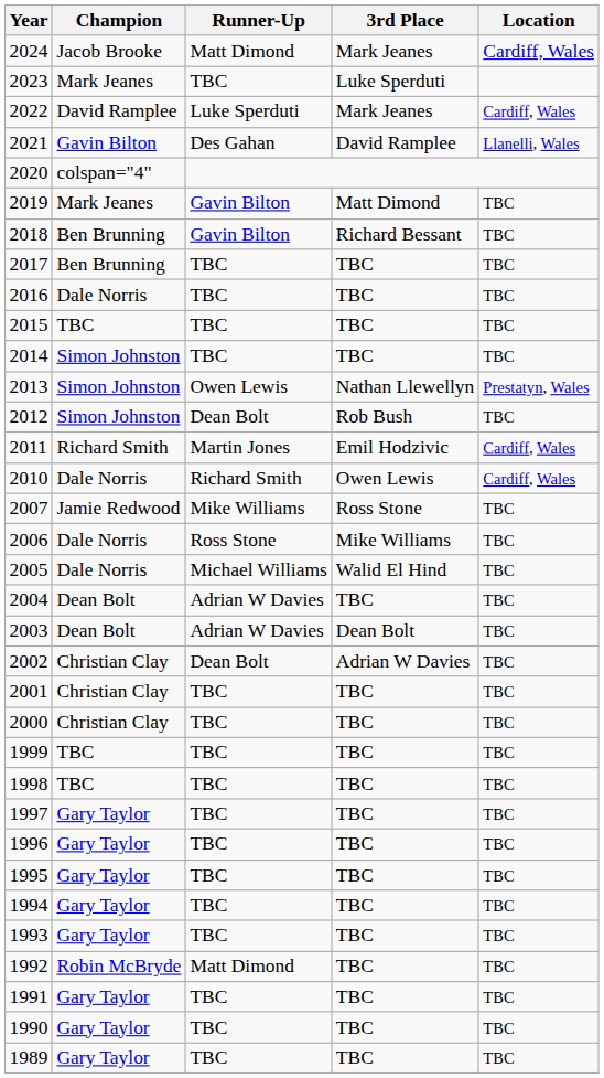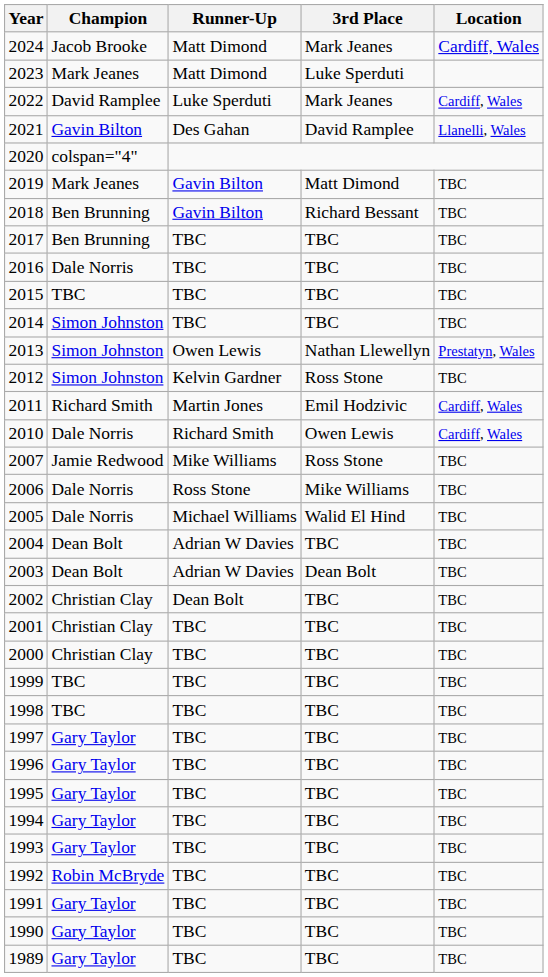 <table class="wikitable">
 <tr>
 <th>Year</th>
 <th>Champion</th>
 <th>Runner-Up</th>
 <th>3rd Place</th>
 <th>Location</th>
 </tr>
 <tr>
 <td>2024</td>
 <td> Jacob Brooke</td>
 <td> Matt Dimond</td>
 <td> Mark Jeanes</td>
 <td> <a href='#'>Cardiff, Wales</a></td>
 </tr>
 <tr>
 <td>2023</td>
 <td> Mark Jeanes</td>
-<td> TBC</td>
+<td> Matt Dimond</td>
 <td> Luke Sperduti</td>
 <td></td>
 </tr>
 <tr>
 <td>2022</td>
 <td> David Ramplee</td>
 <td> Luke Sperduti</td>
 <td> Mark Jeanes</td>
 <td> <small><a href='#'>Cardiff</a>, <a href='#'>Wales</a></small></td>
 </tr>
 <tr>
 <td>2021</td>
 <td> <a href='#'>Gavin Bilton</a></td>
 <td> Des Gahan</td>
 <td> David Ramplee</td>
 <td> <small><a href='#'>Llanelli</a>, <a href='#'>Wales</a></small></td>
 </tr>
 <tr>
 <td>2020</td>
 <td>colspan="4" </td>
 </tr>
 <tr>
 <td>2019</td>
 <td> Mark Jeanes</td>
 <td> <a href='#'>Gavin Bilton</a></td>
 <td> Matt Dimond</td>
 <td> <small>TBC</small></td>
 </tr>
 <tr>
 <td>2018</td>
 <td> Ben Brunning</td>
 <td> <a href='#'>Gavin Bilton</a></td>
 <td> Richard Bessant</td>
 <td> <small>TBC</small></td>
 </tr>
 <tr>
 <td>2017</td>
 <td> Ben Brunning</td>
 <td> TBC</td>
 <td> TBC</td>
 <td> <small>TBC</small></td>
 </tr>
 <tr>
 <td>2016</td>
 <td> Dale Norris</td>
 <td> TBC</td>
 <td> TBC</td>
 <td> <small>TBC</small></td>
 </tr>
 <tr>
 <td>2015</td>
 <td> TBC</td>
 <td> TBC</td>
 <td> TBC</td>
 <td> <small>TBC</small></td>
 </tr>
 <tr>
 <td>2014</td>
 <td> <a href='#'>Simon Johnston</a></td>
 <td> TBC</td>
 <td> TBC</td>
 <td> <small>TBC</small></td>
 </tr>
 <tr>
 <td>2013</td>
 <td> <a href='#'>Simon Johnston</a></td>
 <td> Owen Lewis</td>
 <td> Nathan Llewellyn</td>
 <td> <small><a href='#'>Prestatyn</a>, <a href='#'>Wales</a></small></td>
 </tr>
 <tr>
 <td>2012</td>
 <td> <a href='#'>Simon Johnston</a></td>
-<td> Dean Bolt</td>
-<td> Rob Bush</td>
+<td> Kelvin Gardner</td>
+<td> Ross Stone</td>
 <td> <small>TBC</small></td>
 </tr>
 <tr>
 <td>2011</td>
 <td> Richard Smith</td>
 <td> Martin Jones</td>
 <td> Emil Hodzivic</td>
 <td> <small><a href='#'>Cardiff</a>, <a href='#'>Wales</a></small></td>
 </tr>
 <tr>
 <td>2010</td>
 <td> Dale Norris</td>
 <td> Richard Smith</td>
 <td> Owen Lewis</td>
 <td> <small><a href='#'>Cardiff</a>, <a href='#'>Wales</a></small></td>
 </tr>
 <tr>
 <td>2007</td>
 <td> Jamie Redwood</td>
 <td> Mike Williams</td>
 <td> Ross Stone</td>
 <td> <small>TBC</small></td>
 </tr>
 <tr>
 <td>2006</td>
 <td> Dale Norris</td>
 <td> Ross Stone</td>
 <td> Mike Williams</td>
 <td> <small>TBC</small></td>
 </tr>
 <tr>
 <td>2005</td>
 <td> Dale Norris</td>
 <td> Michael Williams</td>
 <td> Walid El Hind</td>
 <td> <small>TBC</small></td>
 </tr>
 <tr>
 <td>2004</td>
 <td> Dean Bolt</td>
 <td> Adrian W Davies</td>
 <td> TBC</td>
 <td> <small>TBC</small></td>
 </tr>
 <tr>
 <td>2003</td>
 <td> Dean Bolt</td>
 <td> Adrian W Davies</td>
 <td> Dean Bolt</td>
 <td> <small>TBC</small></td>
 </tr>
 <tr>
 <td>2002</td>
 <td> Christian Clay</td>
 <td> Dean Bolt</td>
-<td> Adrian W Davies</td>
+<td> TBC</td>
 <td> <small>TBC</small></td>
 </tr>
 <tr>
 <td>2001</td>
 <td> Christian Clay</td>
 <td> TBC</td>
 <td> TBC</td>
 <td> <small>TBC</small></td>
 </tr>
 <tr>
 <td>2000</td>
 <td> Christian Clay</td>
 <td> TBC</td>
 <td> TBC</td>
 <td> <small>TBC</small></td>
 </tr>
 <tr>
 <td>1999</td>
 <td> TBC</td>
 <td> TBC</td>
 <td> TBC</td>
 <td> <small>TBC</small></td>
 </tr>
 <tr>
 <td>1998</td>
 <td> TBC</td>
 <td> TBC</td>
 <td> TBC</td>
 <td> <small>TBC</small></td>
 </tr>
 <tr>
 <td>1997</td>
 <td> <a href='#'>Gary Taylor</a></td>
 <td> TBC</td>
 <td> TBC</td>
 <td> <small>TBC</small></td>
 </tr>
 <tr>
 <td>1996</td>
 <td> <a href='#'>Gary Taylor</a></td>
 <td> TBC</td>
 <td> TBC</td>
 <td> <small>TBC</small></td>
 </tr>
 <tr>
 <td>1995</td>
 <td> <a href='#'>Gary Taylor</a></td>
 <td> TBC</td>
 <td> TBC</td>
 <td> <small>TBC</small></td>
 </tr>
 <tr>
 <td>1994</td>
 <td> <a href='#'>Gary Taylor</a></td>
 <td> TBC</td>
 <td> TBC</td>
 <td> <small>TBC</small></td>
 </tr>
 <tr>
 <td>1993</td>
 <td> <a href='#'>Gary Taylor</a></td>
 <td> TBC</td>
 <td> TBC</td>
 <td> <small>TBC</small></td>
 </tr>
 <tr>
 <td>1992</td>
 <td> <a href='#'>Robin McBryde</a></td>
-<td> Matt Dimond</td>
+<td> TBC</td>
 <td> TBC</td>
 <td> <small>TBC</small></td>
 </tr>
 <tr>
 <td>1991</td>
 <td> <a href='#'>Gary Taylor</a></td>
 <td> TBC</td>
 <td> TBC</td>
 <td> <small>TBC</small></td>
 </tr>
 <tr>
 <td>1990</td>
 <td> <a href='#'>Gary Taylor</a></td>
 <td> TBC</td>
 <td> TBC</td>
 <td> <small>TBC</small></td>
 </tr>
 <tr>
 <td>1989</td>
 <td> <a href='#'>Gary Taylor</a></td>
 <td> TBC</td>
 <td> TBC</td>
 <td> <small>TBC</small></td>
 </tr>
 </table>
